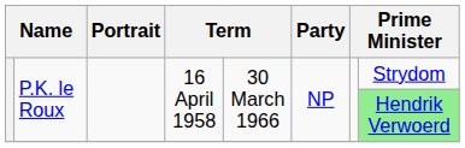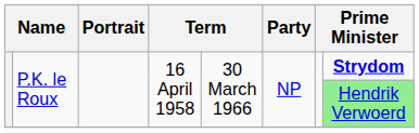 <table class="wikitable" width=60%>
 <tr>
 <th colspan=2 width=20%>Name</th>
 <th width=75>Portrait</th>
 <th colspan=2 width=30%>Term</th>
 <th width=10%>Party</th>
 <th colspan=2 width=25%>Prime Minister</th>
 </tr>
 <tr style="text-align:center">
 <th rowspan=2 style="width:1%;background-color: "></th>
 <td rowspan=2 align=left><a href='#'>P.K. le Roux</a></td>
 <td rowspan=2></td>
 <td rowspan=2>16 April 1958</td>
 <td rowspan=2>30 March 1966</td>
 <td rowspan=2><a href='#'>NP</a></td>
 <td rowspan=2 style="width:1%;background-color: "></td>
-<td><a href='#'>Strydom</a><br> </td>
+<td><strong><a href='#'>Strydom</a><br> </strong></td>
 </tr>
 <tr style="text-align:center">
 <td style="background: lightgreen;"><a href='#'>Hendrik Verwoerd</a><br> </td>
 </tr>
 <tr>
 </tr>
 </table>
